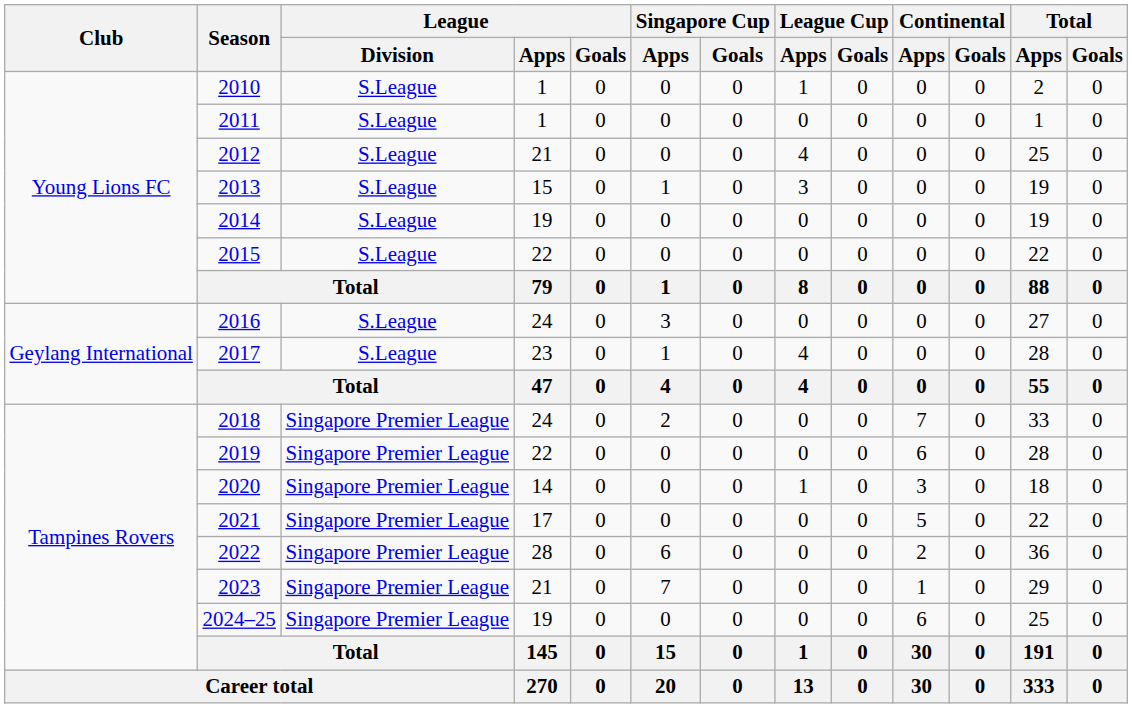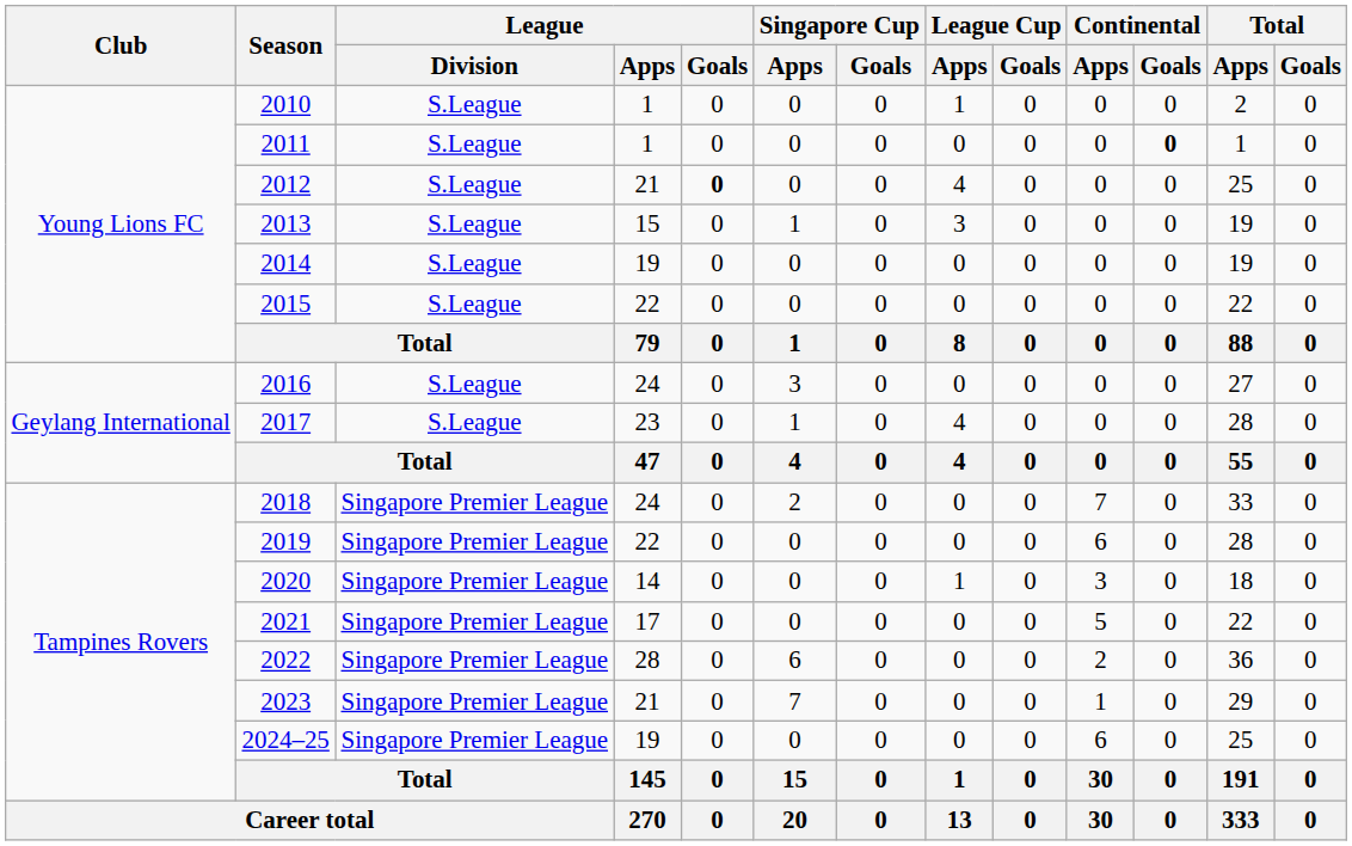 <table class="wikitable" style="text-align: center">
 <tr>
 <th rowspan="2">Club</th>
 <th rowspan="2">Season</th>
 <th colspan="3">League</th>
 <th colspan="2">Singapore Cup</th>
 <th colspan="2">League Cup</th>
 <th colspan="2">Continental</th>
 <th colspan="2">Total</th>
 </tr>
 <tr>
 <th>Division</th>
 <th>Apps</th>
 <th>Goals</th>
 <th>Apps</th>
 <th>Goals</th>
 <th>Apps</th>
 <th>Goals</th>
 <th>Apps</th>
 <th>Goals</th>
 <th>Apps</th>
 <th>Goals</th>
 </tr>
 <tr>
 <td rowspan="7"><a href='#'>Young Lions FC</a></td>
 <td><a href='#'>2010</a></td>
 <td><a href='#'>S.League</a></td>
 <td>1</td>
 <td>0</td>
 <td>0</td>
 <td>0</td>
 <td>1</td>
 <td>0</td>
 <td>0</td>
 <td>0</td>
 <td>2</td>
 <td>0</td>
 </tr>
 <tr>
 <td><a href='#'>2011</a></td>
 <td><a href='#'>S.League</a></td>
 <td>1</td>
 <td>0</td>
 <td>0</td>
 <td>0</td>
 <td>0</td>
 <td>0</td>
 <td>0</td>
-<td>0</td>
+<td><strong>0</strong></td>
 <td>1</td>
 <td>0</td>
 </tr>
 <tr>
 <td><a href='#'>2012</a></td>
 <td><a href='#'>S.League</a></td>
 <td>21</td>
-<td>0</td>
+<td><strong>0</strong></td>
 <td>0</td>
 <td>0</td>
 <td>4</td>
 <td>0</td>
 <td>0</td>
 <td>0</td>
 <td>25</td>
 <td>0</td>
 </tr>
 <tr>
 <td><a href='#'>2013</a></td>
 <td><a href='#'>S.League</a></td>
 <td>15</td>
 <td>0</td>
 <td>1</td>
 <td>0</td>
 <td>3</td>
 <td>0</td>
 <td>0</td>
 <td>0</td>
 <td>19</td>
 <td>0</td>
 </tr>
 <tr>
 <td><a href='#'>2014</a></td>
 <td><a href='#'>S.League</a></td>
 <td>19</td>
 <td>0</td>
 <td>0</td>
 <td>0</td>
 <td>0</td>
 <td>0</td>
 <td>0</td>
 <td>0</td>
 <td>19</td>
 <td>0</td>
 </tr>
 <tr>
 <td><a href='#'>2015</a></td>
 <td><a href='#'>S.League</a></td>
 <td>22</td>
 <td>0</td>
 <td>0</td>
 <td>0</td>
 <td>0</td>
 <td>0</td>
 <td>0</td>
 <td>0</td>
 <td>22</td>
 <td>0</td>
 </tr>
 <tr>
 <th colspan=2>Total</th>
 <th>79</th>
 <th>0</th>
 <th>1</th>
 <th>0</th>
 <th>8</th>
 <th>0</th>
 <th>0</th>
 <th>0</th>
 <th>88</th>
 <th>0</th>
 </tr>
 <tr>
 <td rowspan="3"><a href='#'>Geylang International</a></td>
 <td><a href='#'>2016</a></td>
 <td><a href='#'>S.League</a></td>
 <td>24</td>
 <td>0</td>
 <td>3</td>
 <td>0</td>
 <td>0</td>
 <td>0</td>
 <td>0</td>
 <td>0</td>
 <td>27</td>
 <td>0</td>
 </tr>
 <tr>
 <td><a href='#'>2017</a></td>
 <td><a href='#'>S.League</a></td>
 <td>23</td>
 <td>0</td>
 <td>1</td>
 <td>0</td>
 <td>4</td>
 <td>0</td>
 <td>0</td>
 <td>0</td>
 <td>28</td>
 <td>0</td>
 </tr>
 <tr>
 <th colspan=2>Total</th>
 <th>47</th>
 <th>0</th>
 <th>4</th>
 <th>0</th>
 <th>4</th>
 <th>0</th>
 <th>0</th>
 <th>0</th>
 <th>55</th>
 <th>0</th>
 </tr>
 <tr>
 <td rowspan="8"><a href='#'>Tampines Rovers</a></td>
 <td><a href='#'>2018</a></td>
 <td><a href='#'>Singapore Premier League</a></td>
 <td>24</td>
 <td>0</td>
 <td>2</td>
 <td>0</td>
 <td>0</td>
 <td>0</td>
 <td>7</td>
 <td>0</td>
 <td>33</td>
 <td>0</td>
 </tr>
 <tr>
 <td><a href='#'>2019</a></td>
 <td><a href='#'>Singapore Premier League</a></td>
 <td>22</td>
 <td>0</td>
 <td>0</td>
 <td>0</td>
 <td>0</td>
 <td>0</td>
 <td>6</td>
 <td>0</td>
 <td>28</td>
 <td>0</td>
 </tr>
 <tr>
 <td><a href='#'>2020</a></td>
 <td><a href='#'>Singapore Premier League</a></td>
 <td>14</td>
 <td>0</td>
 <td>0</td>
 <td>0</td>
 <td>1</td>
 <td>0</td>
 <td>3</td>
 <td>0</td>
 <td>18</td>
 <td>0</td>
 </tr>
 <tr>
 <td><a href='#'>2021</a></td>
 <td><a href='#'>Singapore Premier League</a></td>
 <td>17</td>
 <td>0</td>
 <td>0</td>
 <td>0</td>
 <td>0</td>
 <td>0</td>
 <td>5</td>
 <td>0</td>
 <td>22</td>
 <td>0</td>
 </tr>
 <tr>
 <td><a href='#'>2022</a></td>
 <td><a href='#'>Singapore Premier League</a></td>
 <td>28</td>
 <td>0</td>
 <td>6</td>
 <td>0</td>
 <td>0</td>
 <td>0</td>
 <td>2</td>
 <td>0</td>
 <td>36</td>
 <td>0</td>
 </tr>
 <tr>
 <td><a href='#'>2023</a></td>
 <td><a href='#'>Singapore Premier League</a></td>
 <td>21</td>
 <td>0</td>
 <td>7</td>
 <td>0</td>
 <td>0</td>
 <td>0</td>
 <td>1</td>
 <td>0</td>
 <td>29</td>
 <td>0</td>
 </tr>
 <tr>
 <td><a href='#'>2024–25</a></td>
 <td><a href='#'>Singapore Premier League</a></td>
 <td>19</td>
 <td>0</td>
 <td>0</td>
 <td>0</td>
 <td>0</td>
 <td>0</td>
 <td>6</td>
 <td>0</td>
 <td>25</td>
 <td>0</td>
 </tr>
 <tr>
 <th colspan=2>Total</th>
 <th>145</th>
 <th>0</th>
 <th>15</th>
 <th>0</th>
 <th>1</th>
 <th>0</th>
 <th>30</th>
 <th>0</th>
 <th>191</th>
 <th>0</th>
 </tr>
 <tr>
 <th colspan=3>Career total</th>
 <th>270</th>
 <th>0</th>
 <th>20</th>
 <th>0</th>
 <th>13</th>
 <th>0</th>
 <th>30</th>
 <th>0</th>
 <th>333</th>
 <th>0</th>
 </tr>
 </table>
